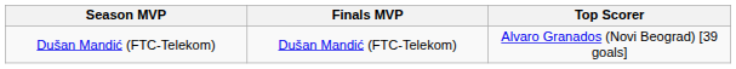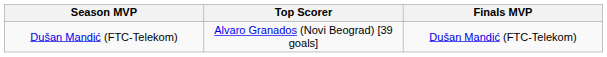 <table class="wikitable" style="text-align:center">
 <tr>
 <th width=328>Season MVP</th>
+<th width=328>Top Scorer</th>
 <th width=328>Finals MVP</th>
-<th width=328>Top Scorer</th>
 </tr>
 <tr>
 <td> <a href='#'>Dušan Mandić</a> (FTC-Telekom)</td>
+<td> <a href='#'>Alvaro Granados</a> (Novi Beograd) [39 goals]</td>
 <td> <a href='#'>Dušan Mandić</a> (FTC-Telekom)</td>
-<td> <a href='#'>Alvaro Granados</a> (Novi Beograd) [39 goals]</td>
 </tr>
 </table>
